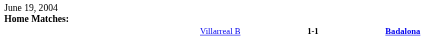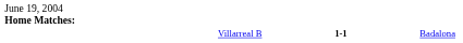 <table width=100% cellspacing=1>
 <tr>
 <th width=20%></th>
 <th width=12%></th>
 <th width=20%></th>
 <th></th>
 </tr>
 <tr>
 <td>June 19, 2004<br><strong>Home Matches:</strong></td>
 </tr>
 <tr style=font-size:90%>
 <td align=right><a href='#'>Villarreal B</a></td>
 <td align=center><strong>1-1</strong></td>
-<td><strong><a href='#'>Badalona</a></strong></td>
+<td><a href='#'>Badalona</a></td>
 </tr>
 </table>
